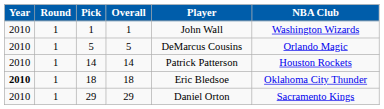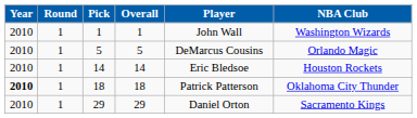 <table class="wikitable" width="45%">
 <tr align="center"  style="background:#005DAA;color:#FFFFFF;">
 <td><strong>Year</strong></td>
 <td><strong>Round</strong></td>
 <td><strong>Pick</strong></td>
 <td><strong>Overall</strong></td>
 <td><strong>Player</strong></td>
 <td><strong>NBA Club</strong></td>
 </tr>
 <tr align="center" bgcolor="">
 <td>2010</td>
 <td>1</td>
 <td>1</td>
 <td>1</td>
 <td>John Wall</td>
 <td><a href='#'>Washington Wizards</a></td>
 </tr>
 <tr align="center" bgcolor="">
 <td>2010</td>
 <td>1</td>
 <td>5</td>
 <td>5</td>
 <td>DeMarcus Cousins</td>
 <td><a href='#'>Orlando Magic</a></td>
 </tr>
 <tr align="center" bgcolor="">
 <td>2010</td>
 <td>1</td>
 <td>14</td>
 <td>14</td>
-<td>Patrick Patterson</td>
+<td>Eric Bledsoe</td>
 <td><a href='#'>Houston Rockets</a></td>
 </tr>
 <tr align="center" bgcolor="">
 <td><strong>2010</strong></td>
 <td>1</td>
 <td>18</td>
 <td>18</td>
-<td>Eric Bledsoe</td>
+<td>Patrick Patterson</td>
 <td><a href='#'>Oklahoma City Thunder</a></td>
 </tr>
 <tr align="center" bgcolor="">
 <td>2010</td>
 <td>1</td>
 <td>29</td>
 <td>29</td>
 <td>Daniel Orton</td>
 <td><a href='#'>Sacramento Kings</a></td>
 </tr>
 </table>
